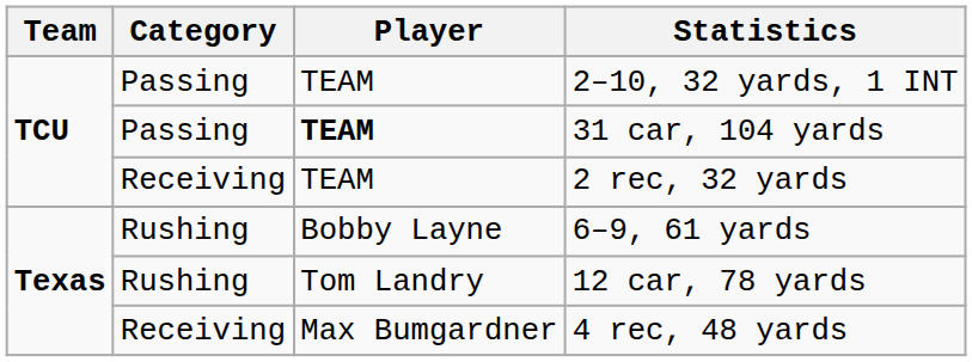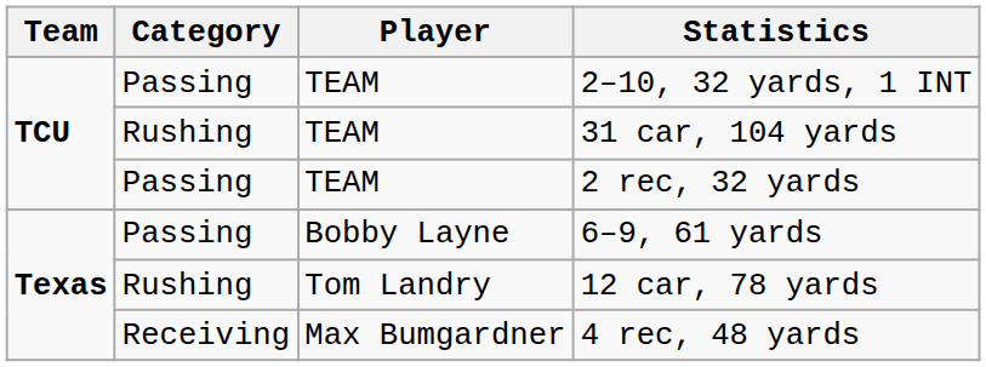 <table class="wikitable" style="float: right;">
 <tr>
 <th>Team</th>
 <th>Category</th>
 <th>Player</th>
 <th>Statistics</th>
 </tr>
 <tr>
 <td rowspan=3><strong>TCU</strong></td>
 <td>Passing</td>
 <td>TEAM</td>
 <td>2–10, 32 yards, 1 INT</td>
 </tr>
 <tr>
-<td>Passing</td>
-<td><strong>TEAM</strong></td>
+<td>Rushing</td>
+<td>TEAM</td>
 <td>31 car, 104 yards</td>
 </tr>
 <tr>
-<td>Receiving</td>
+<td>Passing</td>
 <td>TEAM</td>
 <td>2 rec, 32 yards</td>
 </tr>
 <tr>
 <td rowspan=3><strong>Texas</strong></td>
-<td>Rushing</td>
+<td>Passing</td>
 <td>Bobby Layne</td>
 <td>6–9, 61 yards</td>
 </tr>
 <tr>
 <td>Rushing</td>
 <td>Tom Landry</td>
 <td>12 car, 78 yards</td>
 </tr>
 <tr>
 <td>Receiving</td>
 <td>Max Bumgardner</td>
 <td>4 rec, 48 yards</td>
 </tr>
 </table>
